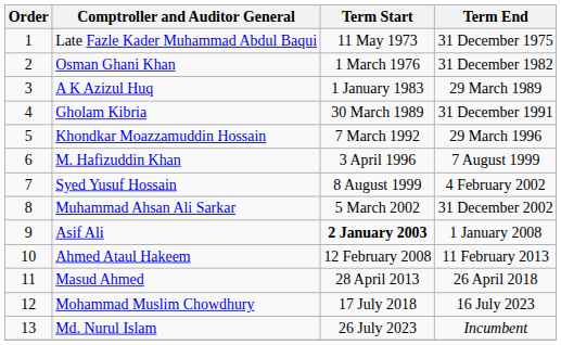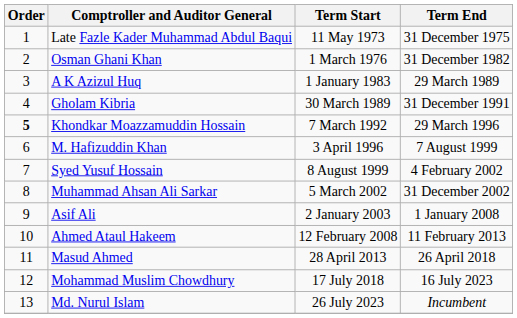 <table class="wikitable">
 <tr>
 <th>Order</th>
 <th>Comptroller and Auditor General</th>
 <th>Term Start</th>
 <th>Term End</th>
 </tr>
 <tr>
 <td align=center>1</td>
 <td>Late <a href='#'>Fazle Kader Muhammad Abdul Baqui</a></td>
 <td align=center>11 May 1973</td>
 <td align=center>31 December 1975</td>
 </tr>
 <tr>
 <td align=center>2</td>
 <td><a href='#'>Osman Ghani Khan</a></td>
 <td align=center>1 March 1976</td>
 <td align=center>31 December 1982</td>
 </tr>
 <tr>
 <td align=center>3</td>
 <td><a href='#'>A K Azizul Huq</a></td>
 <td align=center>1 January 1983</td>
 <td align=center>29 March 1989</td>
 </tr>
 <tr>
 <td align=center>4</td>
 <td><a href='#'>Gholam Kibria</a></td>
 <td align=center>30 March 1989</td>
 <td align=center>31 December 1991</td>
 </tr>
 <tr>
-<td align=center>5</td>
+<td align=center><strong>5</strong></td>
 <td><a href='#'>Khondkar Moazzamuddin Hossain</a></td>
 <td align=center>7 March 1992</td>
 <td align=center>29 March 1996</td>
 </tr>
 <tr>
 <td align=center>6</td>
 <td><a href='#'>M. Hafizuddin Khan</a></td>
 <td align=center>3 April 1996</td>
 <td align=center>7 August 1999</td>
 </tr>
 <tr>
 <td align=center>7</td>
 <td><a href='#'>Syed Yusuf Hossain</a></td>
 <td align=center>8 August 1999</td>
 <td align=center>4 February 2002</td>
 </tr>
 <tr>
 <td align=center>8</td>
 <td><a href='#'>Muhammad Ahsan Ali Sarkar</a></td>
 <td align=center>5 March 2002</td>
 <td align=center>31 December 2002</td>
 </tr>
 <tr>
 <td align=center>9</td>
 <td><a href='#'>Asif Ali</a></td>
-<td align=center><strong>2 January 2003</strong></td>
+<td align=center>2 January 2003</td>
 <td align=center>1 January 2008</td>
 </tr>
 <tr>
 <td align=center>10</td>
 <td><a href='#'>Ahmed Ataul Hakeem</a></td>
 <td align=center>12 February 2008</td>
 <td align=center>11 February 2013</td>
 </tr>
 <tr>
 <td align=center>11</td>
 <td><a href='#'>Masud Ahmed</a></td>
 <td align=center>28 April 2013</td>
 <td align=center>26 April 2018</td>
 </tr>
 <tr>
 <td align=center>12</td>
 <td><a href='#'>Mohammad Muslim Chowdhury</a></td>
 <td align=center>17 July 2018</td>
 <td align=center>16 July 2023</td>
 </tr>
 <tr>
 <td align=center>13</td>
 <td><a href='#'>Md. Nurul Islam</a></td>
 <td align=center>26 July 2023</td>
 <td align=center><em>Incumbent</em></td>
 </tr>
 <tr>
 </tr>
 </table>
